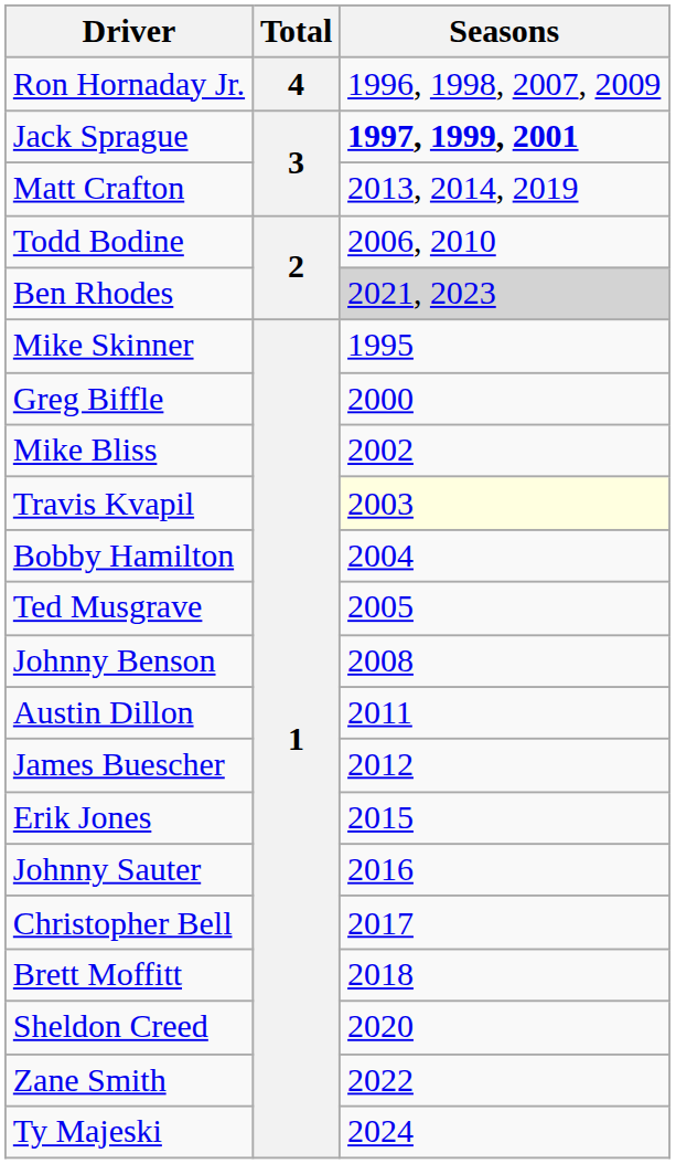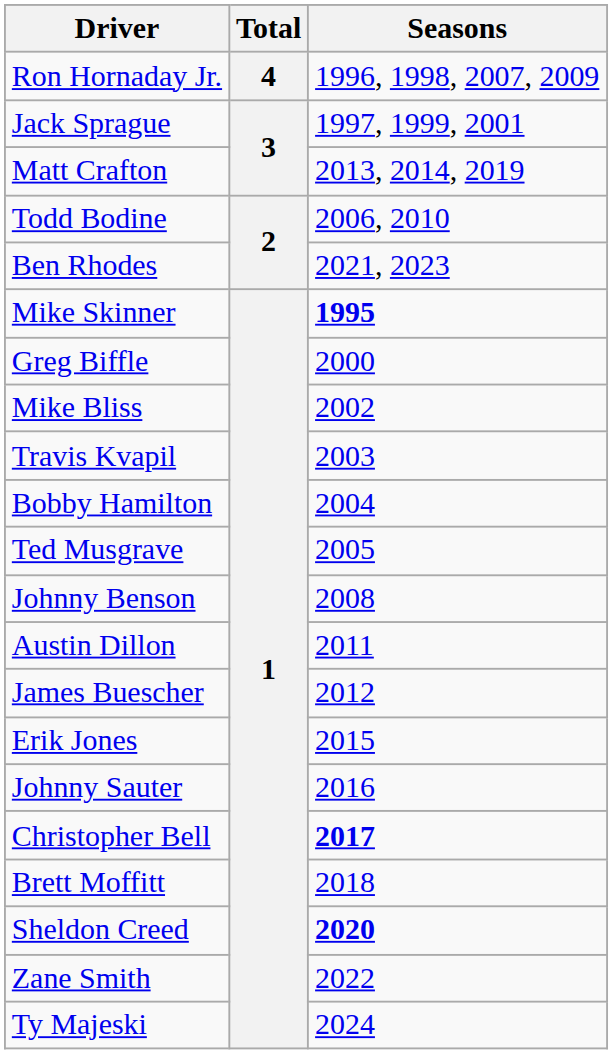 <table class="wikitable">
 <tr>
 <th>Driver</th>
 <th>Total</th>
 <th>Seasons</th>
 </tr>
 <tr>
 <td><a href='#'>Ron Hornaday Jr.</a></td>
 <th>4</th>
 <td><a href='#'>1996</a>, <a href='#'>1998</a>, <a href='#'>2007</a>, <a href='#'>2009</a></td>
 </tr>
 <tr>
 <td><a href='#'>Jack Sprague</a></td>
 <th rowspan=2>3</th>
-<td><strong><a href='#'>1997</a>, <a href='#'>1999</a>, <a href='#'>2001</a></strong></td>
+<td><a href='#'>1997</a>, <a href='#'>1999</a>, <a href='#'>2001</a></td>
 </tr>
 <tr>
 <td><a href='#'>Matt Crafton</a></td>
 <td><a href='#'>2013</a>, <a href='#'>2014</a>, <a href='#'>2019</a></td>
 </tr>
 <tr>
 <td><a href='#'>Todd Bodine</a></td>
 <th rowspan=2>2</th>
 <td><a href='#'>2006</a>, <a href='#'>2010</a></td>
 </tr>
 <tr>
 <td><a href='#'>Ben Rhodes</a></td>
-<td style="background: lightgrey;"><a href='#'>2021</a>, <a href='#'>2023</a></td>
+<td><a href='#'>2021</a>, <a href='#'>2023</a></td>
 </tr>
 <tr>
 <td><a href='#'>Mike Skinner</a></td>
 <th rowspan=16>1</th>
-<td><a href='#'>1995</a></td>
+<td><strong><a href='#'>1995</a></strong></td>
 </tr>
 <tr>
 <td><a href='#'>Greg Biffle</a></td>
 <td><a href='#'>2000</a></td>
 </tr>
 <tr>
 <td><a href='#'>Mike Bliss</a></td>
 <td><a href='#'>2002</a></td>
 </tr>
 <tr>
 <td><a href='#'>Travis Kvapil</a></td>
-<td style="background: lightyellow;"><a href='#'>2003</a></td>
+<td><a href='#'>2003</a></td>
 </tr>
 <tr>
 <td><a href='#'>Bobby Hamilton</a></td>
 <td><a href='#'>2004</a></td>
 </tr>
 <tr>
 <td><a href='#'>Ted Musgrave</a></td>
 <td><a href='#'>2005</a></td>
 </tr>
 <tr>
 <td><a href='#'>Johnny Benson</a></td>
 <td><a href='#'>2008</a></td>
 </tr>
 <tr>
 <td><a href='#'>Austin Dillon</a></td>
 <td><a href='#'>2011</a></td>
 </tr>
 <tr>
 <td><a href='#'>James Buescher</a></td>
 <td><a href='#'>2012</a></td>
 </tr>
 <tr>
 <td><a href='#'>Erik Jones</a></td>
 <td><a href='#'>2015</a></td>
 </tr>
 <tr>
 <td><a href='#'>Johnny Sauter</a></td>
 <td><a href='#'>2016</a></td>
 </tr>
 <tr>
 <td><a href='#'>Christopher Bell</a></td>
-<td><a href='#'>2017</a></td>
+<td><strong><a href='#'>2017</a></strong></td>
 </tr>
 <tr>
 <td><a href='#'>Brett Moffitt</a></td>
 <td><a href='#'>2018</a></td>
 </tr>
 <tr>
 <td><a href='#'>Sheldon Creed</a></td>
-<td><a href='#'>2020</a></td>
+<td><strong><a href='#'>2020</a></strong></td>
 </tr>
 <tr>
 <td><a href='#'>Zane Smith</a></td>
 <td><a href='#'>2022</a></td>
 </tr>
 <tr>
 <td><a href='#'>Ty Majeski</a></td>
 <td><a href='#'>2024</a></td>
 </tr>
 </table>
